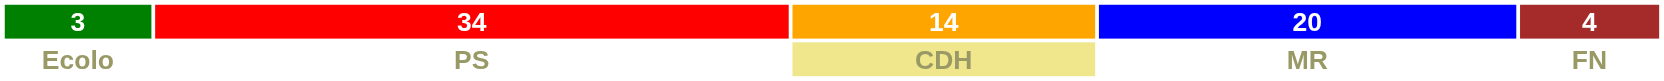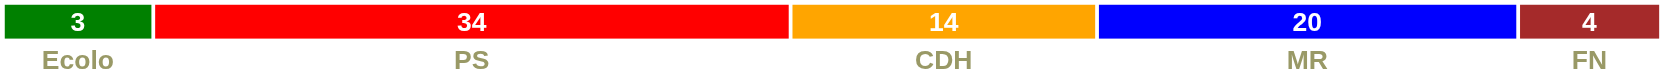 <table style="width:100%; font-size:88%; text-align:center;">
 <tr style="font-weight:bold">
 <td style="background:green; width:8.52%; color:white">3</td>
 <td style="background:red; width:36.91%; color:white">34</td>
 <td style="background:orange; width:17.62%; color:white">14</td>
 <td style="background:blue; width:24.29%; color:white">20</td>
 <td style="background:brown; width:8.12%; color:white">4</td>
 </tr>
 <tr style="font-weight:bold; color:#996;">
 <td>Ecolo</td>
 <td>PS</td>
-<td style="background: khaki;">CDH</td>
+<td>CDH</td>
 <td>MR</td>
 <td>FN</td>
 </tr>
 </table>
